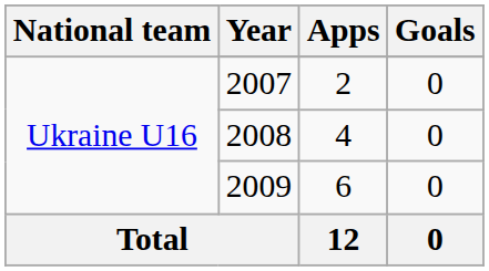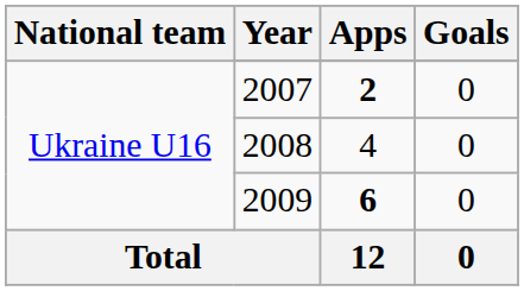 <table class=wikitable style=text-align:center>
 <tr>
 <th>National team</th>
 <th>Year</th>
 <th>Apps</th>
 <th>Goals</th>
 </tr>
 <tr>
 <td rowspan=4><a href='#'>Ukraine U16</a></td>
 </tr>
 <tr>
 <td>2007</td>
-<td>2</td>
+<td><strong>2</strong></td>
 <td>0</td>
 </tr>
 <tr>
 <td>2008</td>
 <td>4</td>
 <td>0</td>
 </tr>
 <tr>
 <td>2009</td>
-<td>6</td>
+<td><strong>6</strong></td>
 <td>0</td>
 </tr>
 <tr>
 <th colspan=2>Total</th>
 <th>12</th>
 <th>0</th>
 </tr>
 </table>
